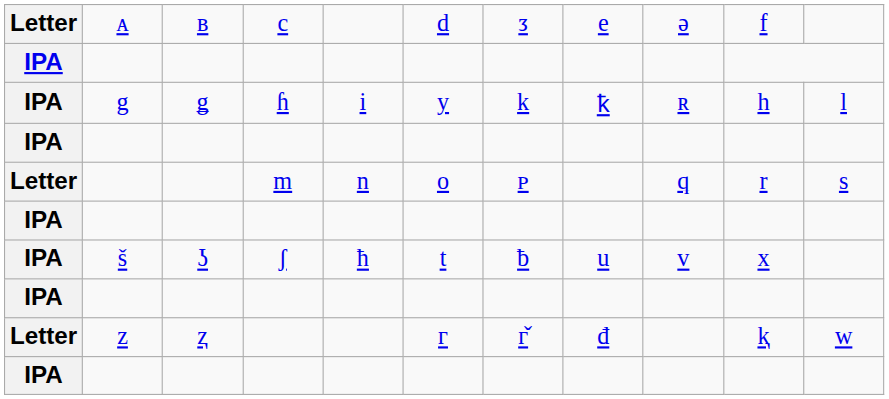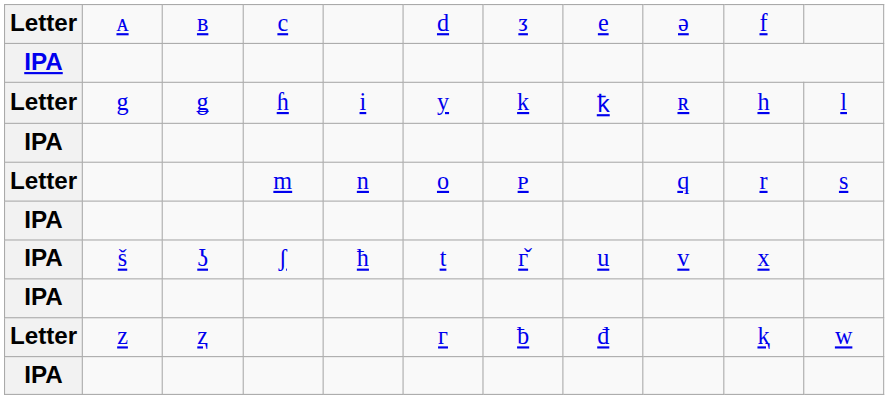 <table class="wikitable" style="font-family:Arial Unicode MS, serif, Universalia; font-size:1.4em; text-align:center;">
 <tr>
 <th style="font-family:sans-serif;">Letter</th>
 <td style="width:3em; padding: 3px;"><a href='#'>ᴀ</a></td>
 <td style="width:3em; padding: 3px;"><a href='#'>ʙ</a></td>
 <td style="width:3em; padding: 3px;"><a href='#'>c</a></td>
 <td style="width:3em; padding: 3px;"></td>
 <td style="width:3em; padding: 3px;"><a href='#'>d</a></td>
 <td style="width:3em; padding: 3px;"><a href='#'>ᴣ</a></td>
 <td style="width:3em; padding: 3px;"><a href='#'>e</a></td>
 <td style="width:3em; padding: 3px;"><a href='#'>ə</a></td>
 <td style="width:3em; padding: 3px;"><a href='#'>f</a></td>
 <td style="width:3em; padding: 3px;"></td>
 </tr>
 <tr>
 <th style="font-family:sans-serif;"><a href='#'>IPA</a></th>
 <td></td>
 <td></td>
 <td></td>
 <td></td>
 <td></td>
 <td></td>
 <td></td>
 <td></td>
 <td colspan="2"></td>
 </tr>
 <tr>
-<th style="font-family:sans-serif;">IPA</th>
+<th style="font-family:sans-serif;">Letter</th>
 <td style="width:3em; padding: 3px;"><a href='#'>g</a></td>
 <td style="width:3em; padding: 3px;"><a href='#'>ǥ</a></td>
 <td style="width:3em; padding: 3px;"><a href='#'>ɦ</a></td>
 <td style="width:3em; padding: 3px;"><a href='#'>i</a></td>
 <td style="width:3em; padding: 3px;"><a href='#'>y</a></td>
 <td style="width:3em; padding: 3px;"><a href='#'>k</a></td>
 <td style="width:3em; padding: 3px;"><a href='#'>ꝁ</a></td>
 <td style="width:3em; padding: 3px;"><a href='#'>ʀ</a></td>
 <td style="width:3em; padding: 3px;"><a href='#'>h</a></td>
 <td style="width:3em; padding: 3px;"><a href='#'>l</a></td>
 </tr>
 <tr>
 <th style="font-family:sans-serif;">IPA</th>
 <td></td>
 <td></td>
 <td></td>
 <td></td>
 <td></td>
 <td></td>
 <td></td>
 <td></td>
 <td></td>
 <td></td>
 </tr>
 <tr>
 <th style="font-family:sans-serif;">Letter</th>
 <td style="width:3em; padding: 3px;"></td>
 <td style="width:3em; padding: 3px;"></td>
 <td style="width:3em; padding: 3px;"><a href='#'>m</a></td>
 <td style="width:3em; padding: 3px;"><a href='#'>n</a></td>
 <td style="width:3em; padding: 3px;"><a href='#'>o</a></td>
 <td style="width:3em; padding: 3px;"><a href='#'>ᴘ</a></td>
 <td style="width:3em; padding: 3px;"></td>
 <td style="width:3em; padding: 3px;"><a href='#'>q</a></td>
 <td style="width:3em; padding: 3px;"><a href='#'>r</a></td>
 <td style="width:3em; padding: 3px;"><a href='#'>s</a></td>
 </tr>
 <tr>
 <th style="font-family:sans-serif;">IPA</th>
 <td></td>
 <td></td>
 <td></td>
 <td></td>
 <td></td>
 <td></td>
 <td></td>
 <td></td>
 <td></td>
 <td></td>
 </tr>
 <tr>
 <th style="font-family:sans-serif;">IPA</th>
 <td style="width:3em; padding: 3px;"><a href='#'>š</a></td>
 <td style="width:3em; padding: 3px;"><a href='#'>ʖ</a></td>
 <td style="width:3em; padding: 3px;"><a href='#'>ʃ</a></td>
 <td style="width:3em; padding: 3px;"><a href='#'>ħ</a></td>
 <td style="width:3em; padding: 3px;"><a href='#'>t</a></td>
-<td style="width:3em; padding: 3px;"><a href='#'>ƀ</a></td>
+<td style="width:3em; padding: 3px;"><a href='#'>г̌</a></td>
 <td style="width:3em; padding: 3px;"><a href='#'>u</a></td>
 <td style="width:3em; padding: 3px;"><a href='#'>v</a></td>
 <td style="width:3em; padding: 3px;"><a href='#'>x</a></td>
 <td style="width:3em; padding: 3px;"></td>
 </tr>
 <tr>
 <th style="font-family:sans-serif;">IPA</th>
 <td></td>
 <td></td>
 <td></td>
 <td></td>
 <td></td>
 <td></td>
 <td></td>
 <td></td>
 <td></td>
 <td></td>
 </tr>
 <tr>
 <th style="font-family:sans-serif;">Letter</th>
 <td style="width:3em; padding: 3px;"><a href='#'>z</a></td>
 <td style="width:3em; padding: 3px;"><a href='#'>ⱬ</a></td>
 <td style="width:3em; padding: 3px;"></td>
 <td style="width:3em; padding: 3px;"></td>
 <td style="width:3em; padding: 3px;"><a href='#'>г</a></td>
-<td style="width:3em; padding: 3px;"><a href='#'>г̌</a></td>
+<td style="width:3em; padding: 3px;"><a href='#'>ƀ</a></td>
 <td style="width:3em; padding: 3px;"><a href='#'>đ</a></td>
 <td style="width:3em; padding: 3px;"></td>
 <td style="width:3em; padding: 3px;"><a href='#'>ⱪ</a></td>
 <td style="width:3em; padding: 3px;"><a href='#'>w</a></td>
 </tr>
 <tr>
 <th style="font-family:sans-serif;">IPA</th>
 <td></td>
 <td></td>
 <td></td>
 <td></td>
 <td></td>
 <td></td>
 <td></td>
 <td></td>
 <td></td>
 <td></td>
 </tr>
 </table>
